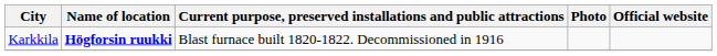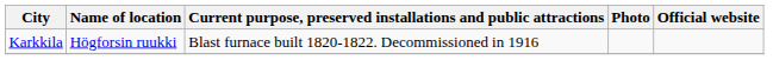 <table class="wikitable">
 <tr>
 <th>City</th>
 <th>Name of location</th>
 <th>Current purpose, preserved installations and public attractions</th>
 <th>Photo</th>
 <th>Official website</th>
 </tr>
 <tr>
 <td><a href='#'>Karkkila</a></td>
-<td><strong><a href='#'>Högforsin ruukki</a></strong></td>
+<td><a href='#'>Högforsin ruukki</a></td>
 <td>Blast furnace built 1820-1822. Decommissioned in 1916</td>
 <td></td>
 <td></td>
 </tr>
 <tr>
 </tr>
 </table>
